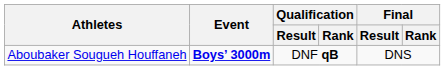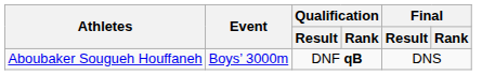 <table class="wikitable" border="1" style="font-size:90%">
 <tr>
 <th rowspan=2>Athletes</th>
 <th rowspan=2>Event</th>
 <th colspan=2>Qualification</th>
 <th colspan=2>Final</th>
 </tr>
 <tr>
 <th>Result</th>
 <th>Rank</th>
 <th>Result</th>
 <th>Rank</th>
 </tr>
 <tr>
 <td><a href='#'>Aboubaker Sougueh Houffaneh</a></td>
-<td><strong><a href='#'>Boys’ 3000m</a></strong></td>
+<td><a href='#'>Boys’ 3000m</a></td>
 <td align=center colspan=2>DNF <strong>qB</strong></td>
 <td align=center colspan=2>DNS</td>
 </tr>
 </table>
